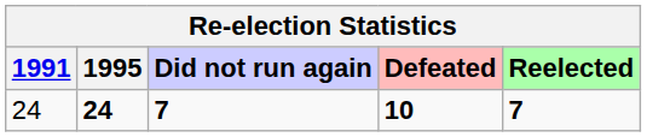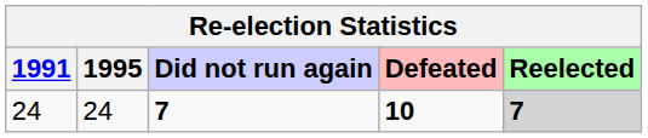 <table class=wikitable>
 <tr>
 <th colspan=5 align=center>Re-election Statistics</th>
 </tr>
 <tr>
 <th><a href='#'>1991</a></th>
 <th>1995</th>
 <td bgcolor="#ccccff"><strong>Did not run again</strong></td>
 <td bgcolor="#ffbbbb"><strong>Defeated</strong></td>
 <td bgcolor="#aaffaa"><strong>Reelected</strong></td>
 </tr>
 <tr>
 <td>24</td>
-<td><strong>24</strong></td>
+<td>24</td>
 <td><strong>7</strong></td>
 <td><strong>10</strong></td>
-<td><strong>7</strong></td>
+<td style="background: lightgrey;"><strong>7</strong></td>
 </tr>
 </table>
